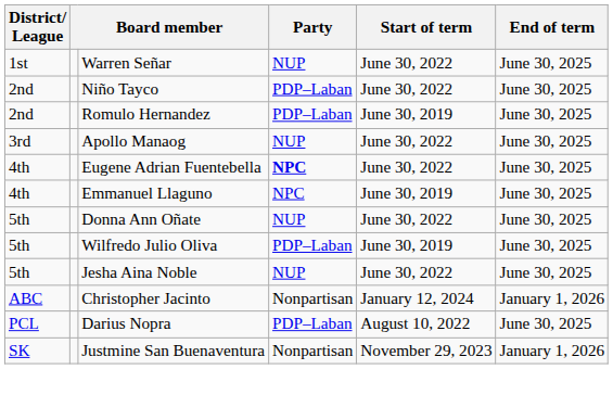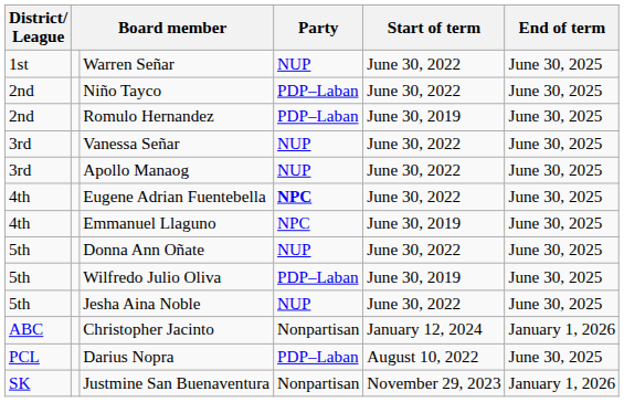 <table class="wikitable">
 <tr>
 <th>District/<br>League</th>
 <th colspan="2">Board member</th>
 <th>Party</th>
 <th>Start of term</th>
 <th>End of term</th>
 </tr>
 <tr>
 <td>1st</td>
 <td></td>
 <td>Warren Señar</td>
 <td><a href='#'>NUP</a></td>
 <td>June 30, 2022</td>
 <td>June 30, 2025</td>
 </tr>
 <tr>
 <td>2nd</td>
 <td></td>
 <td>Niño Tayco</td>
 <td><a href='#'>PDP–Laban</a></td>
 <td>June 30, 2022</td>
 <td>June 30, 2025</td>
 </tr>
 <tr>
 <td>2nd</td>
 <td></td>
 <td>Romulo Hernandez</td>
 <td><a href='#'>PDP–Laban</a></td>
 <td>June 30, 2019</td>
+<td>June 30, 2025</td>
+</tr>
+<tr>
+<td>3rd</td>
+<td></td>
+<td>Vanessa Señar</td>
+<td><a href='#'>NUP</a></td>
+<td>June 30, 2022</td>
 <td>June 30, 2025</td>
 </tr>
 <tr>
 <td>3rd</td>
 <td></td>
 <td>Apollo Manaog</td>
 <td><a href='#'>NUP</a></td>
 <td>June 30, 2022</td>
 <td>June 30, 2025</td>
 </tr>
 <tr>
 <td>4th</td>
 <td></td>
 <td>Eugene Adrian Fuentebella</td>
 <td><strong><a href='#'>NPC</a></strong></td>
 <td>June 30, 2022</td>
 <td>June 30, 2025</td>
 </tr>
 <tr>
 <td>4th</td>
 <td></td>
 <td>Emmanuel Llaguno</td>
 <td><a href='#'>NPC</a></td>
 <td>June 30, 2019</td>
 <td>June 30, 2025</td>
 </tr>
 <tr>
 <td>5th</td>
 <td></td>
 <td>Donna Ann Oñate</td>
 <td><a href='#'>NUP</a></td>
 <td>June 30, 2022</td>
 <td>June 30, 2025</td>
 </tr>
 <tr>
 <td>5th</td>
 <td></td>
 <td>Wilfredo Julio Oliva</td>
 <td><a href='#'>PDP–Laban</a></td>
 <td>June 30, 2019</td>
 <td>June 30, 2025</td>
 </tr>
 <tr>
 <td>5th</td>
 <td></td>
 <td>Jesha Aina Noble</td>
 <td><a href='#'>NUP</a></td>
 <td>June 30, 2022</td>
 <td>June 30, 2025</td>
 </tr>
 <tr>
 <td><a href='#'>ABC</a></td>
 <td></td>
 <td>Christopher Jacinto</td>
 <td>Nonpartisan</td>
 <td>January 12, 2024</td>
 <td>January 1, 2026</td>
 </tr>
 <tr>
 <td><a href='#'>PCL</a></td>
 <td></td>
 <td>Darius Nopra</td>
 <td><a href='#'>PDP–Laban</a></td>
 <td>August 10, 2022</td>
 <td>June 30, 2025</td>
 </tr>
 <tr>
 <td><a href='#'>SK</a></td>
 <td></td>
 <td>Justmine San Buenaventura</td>
 <td>Nonpartisan</td>
 <td>November 29, 2023</td>
 <td>January 1, 2026</td>
 </tr>
 </table>
